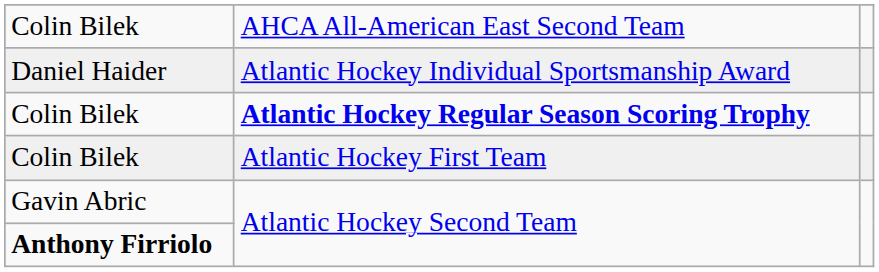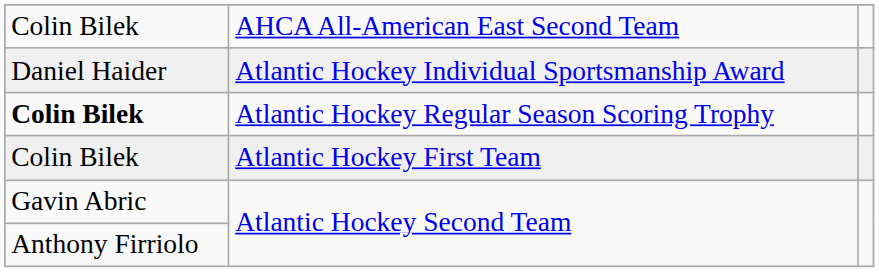 <table class="wikitable" width=40%>
 <tr>
 <td>Colin Bilek</td>
 <td rowspan=1><a href='#'>AHCA All-American East Second Team</a></td>
 <td rowspan=1></td>
 </tr>
 <tr bgcolor=f0f0f0>
 <td>Daniel Haider</td>
 <td><a href='#'>Atlantic Hockey Individual Sportsmanship Award</a></td>
 <td></td>
 </tr>
 <tr>
-<td>Colin Bilek</td>
-<td><strong><a href='#'>Atlantic Hockey Regular Season Scoring Trophy</a></strong></td>
+<td><strong>Colin Bilek</strong></td>
+<td><a href='#'>Atlantic Hockey Regular Season Scoring Trophy</a></td>
 <td></td>
 </tr>
 <tr bgcolor=f0f0f0>
 <td>Colin Bilek</td>
 <td rowspan=1><a href='#'>Atlantic Hockey First Team</a></td>
 <td rowspan=1></td>
 </tr>
 <tr>
 <td>Gavin Abric</td>
 <td rowspan=2><a href='#'>Atlantic Hockey Second Team</a></td>
 <td rowspan=2></td>
 </tr>
 <tr>
-<td><strong>Anthony Firriolo</strong></td>
+<td>Anthony Firriolo</td>
 </tr>
 </table>
